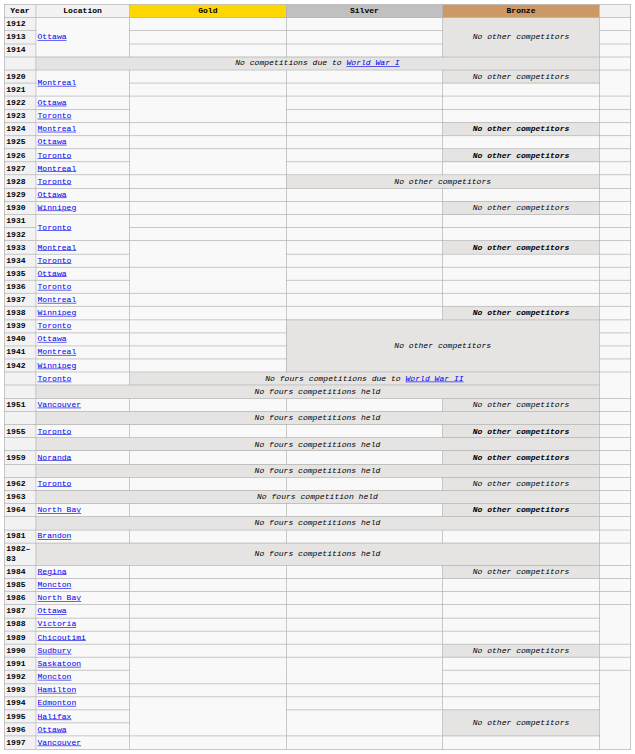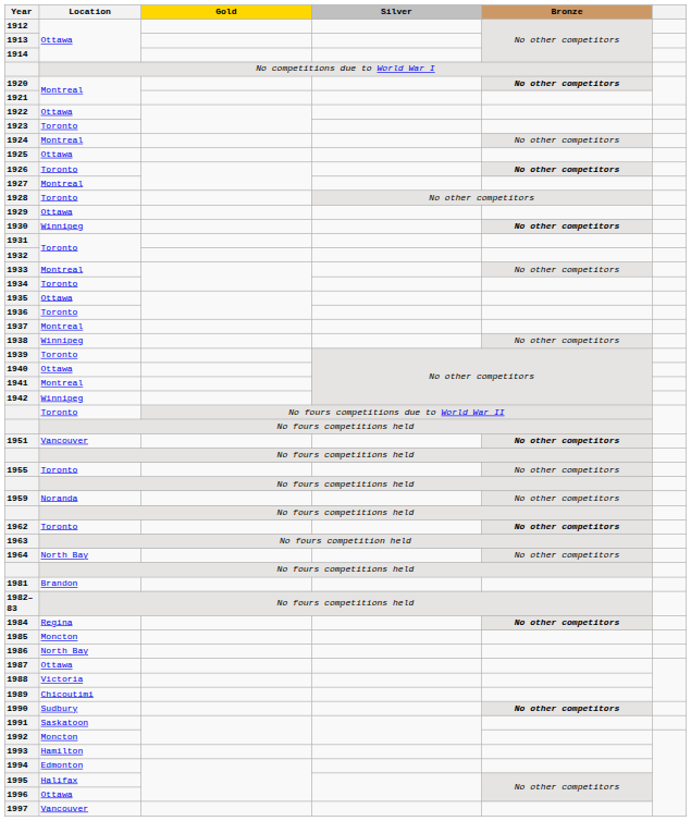 <table class="wikitable unsortable" style="text-align:left; width:80%">
 <tr>
 <th scope="col" style="text-align:center; width:5%">Year</th>
 <th scope="col" style="text-align:center; width:15%">Location</th>
 <th scope="col" style="text-align:center; width:25%; background:gold">Gold</th>
 <th scope="col" style="text-align:center; width:25%; background:silver">Silver</th>
 <th scope="col" style="text-align:center; width:25%; background:#c96">Bronze</th>
 <th scope="col" style="text-align:center; width:5%"></th>
 </tr>
 <tr>
 <th scope="row" style="text-align:left">1912</th>
 <td rowspan="3"><a href='#'>Ottawa</a></td>
 <td></td>
 <td></td>
 <td rowspan="3" align="center" bgcolor="e5e4e2"><em>No other competitors</em></td>
 <td></td>
 </tr>
 <tr>
 <th scope="row" style="text-align:left">1913</th>
 <td></td>
 <td></td>
 <td></td>
 </tr>
 <tr>
 <th scope="row" style="text-align:left">1914</th>
 <td></td>
 <td></td>
 <td></td>
 </tr>
 <tr>
 <th scope="row" style="text-align:left"></th>
 <td colspan="4" align="center" bgcolor="e5e4e2"><em>No competitions due to <a href='#'>World War I</a></em></td>
 <td></td>
 </tr>
 <tr>
 <th scope="row" style="text-align:left">1920</th>
 <td rowspan="2"><a href='#'>Montreal</a></td>
 <td></td>
 <td></td>
-<td align="center" bgcolor="e5e4e2"><em>No other competitors</em></td>
+<td align="center" bgcolor="e5e4e2"><strong><em>No other competitors</em></strong></td>
 <td rowspan="2"></td>
 </tr>
 <tr>
 <th scope="row" style="text-align:left">1921</th>
 <td></td>
 <td></td>
 <td></td>
 </tr>
 <tr>
 <th scope="row" style="text-align:left">1922</th>
 <td><a href='#'>Ottawa</a></td>
 <td rowspan="2"></td>
 <td></td>
 <td></td>
 <td></td>
 </tr>
 <tr>
 <th scope="row" style="text-align:left">1923</th>
 <td><a href='#'>Toronto</a></td>
 <td></td>
 <td></td>
 <td></td>
 </tr>
 <tr>
 <th scope="row" style="text-align:left">1924</th>
 <td><a href='#'>Montreal</a></td>
 <td></td>
 <td></td>
-<td align="center" bgcolor="e5e4e2"><strong><em>No other competitors</em></strong></td>
+<td align="center" bgcolor="e5e4e2"><em>No other competitors</em></td>
 <td></td>
 </tr>
 <tr>
 <th scope="row" style="text-align:left">1925</th>
 <td><a href='#'>Ottawa</a></td>
 <td></td>
 <td></td>
 <td></td>
 <td></td>
 </tr>
 <tr>
 <th scope="row" style="text-align:left">1926</th>
 <td><a href='#'>Toronto</a></td>
 <td rowspan="2"></td>
 <td></td>
 <td align="center" bgcolor="e5e4e2"><strong><em>No other competitors</em></strong></td>
 <td></td>
 </tr>
 <tr>
 <th scope="row" style="text-align:left">1927</th>
 <td><a href='#'>Montreal</a></td>
 <td></td>
 <td></td>
 <td></td>
 </tr>
 <tr>
 <th scope="row" style="text-align:left">1928</th>
 <td><a href='#'>Toronto</a></td>
 <td></td>
 <td colspan="2" align="center" bgcolor="e5e4e2"><em>No other competitors</em></td>
 <td></td>
 </tr>
 <tr>
 <th scope="row" style="text-align:left">1929</th>
 <td><a href='#'>Ottawa</a></td>
 <td></td>
 <td></td>
 <td></td>
 <td></td>
 </tr>
 <tr>
 <th scope="row" style="text-align:left">1930</th>
 <td><a href='#'>Winnipeg</a></td>
 <td></td>
 <td></td>
-<td align="center" bgcolor="e5e4e2"><em>No other competitors</em></td>
+<td align="center" bgcolor="e5e4e2"><strong><em>No other competitors</em></strong></td>
 <td></td>
 </tr>
 <tr>
 <th scope="row" style="text-align:left">1931</th>
 <td rowspan="2"><a href='#'>Toronto</a></td>
 <td></td>
 <td></td>
 <td></td>
 <td></td>
 </tr>
 <tr>
 <th scope="row" style="text-align:left">1932</th>
 <td></td>
 <td></td>
 <td></td>
 <td></td>
 </tr>
 <tr>
 <th scope="row" style="text-align:left">1933</th>
 <td><a href='#'>Montreal</a></td>
 <td rowspan="2"></td>
 <td></td>
-<td align="center" bgcolor="e5e4e2"><strong><em>No other competitors</em></strong></td>
+<td align="center" bgcolor="e5e4e2"><em>No other competitors</em></td>
 <td></td>
 </tr>
 <tr>
 <th scope="row" style="text-align:left">1934</th>
 <td><a href='#'>Toronto</a></td>
 <td></td>
 <td></td>
 <td></td>
 </tr>
 <tr>
 <th scope="row" style="text-align:left">1935</th>
 <td><a href='#'>Ottawa</a></td>
 <td rowspan="2"></td>
 <td></td>
 <td></td>
 <td></td>
 </tr>
 <tr>
 <th scope="row" style="text-align:left">1936</th>
 <td><a href='#'>Toronto</a></td>
 <td></td>
 <td></td>
 <td></td>
 </tr>
 <tr>
 <th scope="row" style="text-align:left">1937</th>
 <td><a href='#'>Montreal</a></td>
 <td></td>
 <td></td>
 <td></td>
 <td></td>
 </tr>
 <tr>
 <th scope="row" style="text-align:left">1938</th>
 <td><a href='#'>Winnipeg</a></td>
 <td></td>
 <td></td>
-<td align="center" bgcolor="e5e4e2"><strong><em>No other competitors</em></strong></td>
+<td align="center" bgcolor="e5e4e2"><em>No other competitors</em></td>
 <td></td>
 </tr>
 <tr>
 <th scope="row" style="text-align:left">1939</th>
 <td><a href='#'>Toronto</a></td>
 <td></td>
 <td colspan="2" rowspan="4" align="center" bgcolor="e5e4e2"><em>No other competitors</em></td>
 <td></td>
 </tr>
 <tr>
 <th scope="row" style="text-align:left">1940</th>
 <td><a href='#'>Ottawa</a></td>
 <td></td>
 <td></td>
 </tr>
 <tr>
 <th scope="row" style="text-align:left">1941</th>
 <td><a href='#'>Montreal</a></td>
 <td></td>
 <td></td>
 </tr>
 <tr>
 <th scope="row" style="text-align:left">1942</th>
 <td><a href='#'>Winnipeg</a></td>
 <td></td>
 <td></td>
 </tr>
 <tr>
 <th scope="row" style="text-align:left"></th>
 <td><a href='#'>Toronto</a></td>
 <td colspan="3" align="center" bgcolor="e5e4e2"><em>No fours competitions due to <a href='#'>World War II</a></em></td>
 <td rowspan="2"></td>
 </tr>
 <tr>
 <th scope="row" style="text-align:left"></th>
 <td colspan="4" align="center" bgcolor="e5e4e2"><em>No fours competitions held</em></td>
 </tr>
 <tr>
 <th scope="row" style="text-align:left">1951</th>
 <td><a href='#'>Vancouver</a></td>
 <td></td>
 <td></td>
-<td align="center" bgcolor="e5e4e2"><em>No other competitors</em></td>
+<td align="center" bgcolor="e5e4e2"><strong><em>No other competitors</em></strong></td>
 <td></td>
 </tr>
 <tr>
 <th scope="row" style="text-align:left"></th>
 <td colspan="4" align="center" bgcolor="e5e4e2"><em>No fours competitions held</em></td>
 <td></td>
 </tr>
 <tr>
 <th scope="row" style="text-align:left">1955</th>
 <td><a href='#'>Toronto</a></td>
 <td></td>
 <td></td>
-<td align="center" bgcolor="e5e4e2"><strong><em>No other competitors</em></strong></td>
+<td align="center" bgcolor="e5e4e2"><em>No other competitors</em></td>
 <td></td>
 </tr>
 <tr>
 <th scope="row" style="text-align:left"></th>
 <td colspan="4" align="center" bgcolor="e5e4e2"><em>No fours competitions held</em></td>
 <td></td>
 </tr>
 <tr>
 <th scope="row" style="text-align:left">1959</th>
 <td><a href='#'>Noranda</a></td>
 <td></td>
 <td></td>
-<td align="center" bgcolor="e5e4e2"><strong><em>No other competitors</em></strong></td>
+<td align="center" bgcolor="e5e4e2"><em>No other competitors</em></td>
 <td></td>
 </tr>
 <tr>
 <th scope="row" style="text-align:left"></th>
 <td colspan="4" align="center" bgcolor="e5e4e2"><em>No fours competitions held</em></td>
 <td></td>
 </tr>
 <tr>
 <th scope="row" style="text-align:left">1962</th>
 <td><a href='#'>Toronto</a></td>
 <td></td>
 <td></td>
-<td align="center" bgcolor="e5e4e2"><em>No other competitors</em></td>
+<td align="center" bgcolor="e5e4e2"><strong><em>No other competitors</em></strong></td>
 <td></td>
 </tr>
 <tr>
 <th scope="row" style="text-align:left">1963</th>
 <td colspan="4" align="center" bgcolor="e5e4e2"><em>No fours competition held</em></td>
 <td></td>
 </tr>
 <tr>
 <th scope="row" style="text-align:left">1964</th>
 <td><a href='#'>North Bay</a></td>
 <td></td>
 <td></td>
-<td align="center" bgcolor="e5e4e2"><strong><em>No other competitors</em></strong></td>
+<td align="center" bgcolor="e5e4e2"><em>No other competitors</em></td>
 <td></td>
 </tr>
 <tr>
 <th scope="row" style="text-align:left"></th>
 <td colspan="4" align="center" bgcolor="e5e4e2"><em>No fours competitions held</em></td>
 <td></td>
 </tr>
 <tr>
 <th scope="row" style="text-align:left">1981</th>
 <td><a href='#'>Brandon</a></td>
 <td></td>
 <td></td>
 <td></td>
 <td></td>
 </tr>
 <tr>
 <th scope="row" style="text-align:left">1982–83</th>
 <td colspan="4" align="center" bgcolor="e5e4e2"><em>No fours competitions held</em></td>
 <td></td>
 </tr>
 <tr>
 <th scope="row" style="text-align:left">1984</th>
 <td><a href='#'>Regina</a></td>
 <td></td>
 <td></td>
-<td align="center" bgcolor="e5e4e2"><em>No other competitors</em></td>
+<td align="center" bgcolor="e5e4e2"><strong><em>No other competitors</em></strong></td>
 <td></td>
 </tr>
 <tr>
 <th scope="row" style="text-align:left">1985</th>
 <td><a href='#'>Moncton</a></td>
 <td></td>
 <td></td>
 <td></td>
 <td></td>
 </tr>
 <tr>
 <th scope="row" style="text-align:left">1986</th>
 <td><a href='#'>North Bay</a></td>
 <td></td>
 <td></td>
 <td></td>
 <td></td>
 </tr>
 <tr>
 <th scope="row" style="text-align:left">1987</th>
 <td><a href='#'>Ottawa</a></td>
 <td></td>
 <td></td>
 <td></td>
 <td rowspan="3"></td>
 </tr>
 <tr>
 <th scope="row" style="text-align:left">1988</th>
 <td><a href='#'>Victoria</a></td>
 <td></td>
 <td></td>
 <td></td>
 </tr>
 <tr>
 <th scope="row" style="text-align:left">1989</th>
 <td><a href='#'>Chicoutimi</a></td>
 <td></td>
 <td></td>
 <td></td>
 </tr>
 <tr>
 <th scope="row" style="text-align:left">1990</th>
 <td><a href='#'>Sudbury</a></td>
 <td></td>
 <td></td>
-<td align="center" bgcolor="e5e4e2"><em>No other competitors</em></td>
+<td align="center" bgcolor="e5e4e2"><strong><em>No other competitors</em></strong></td>
 <td></td>
 </tr>
 <tr>
 <th scope="row" style="text-align:left">1991</th>
 <td><a href='#'>Saskatoon</a></td>
 <td rowspan="2"></td>
 <td rowspan="2"></td>
 <td></td>
 <td></td>
 </tr>
 <tr>
 <th scope="row" style="text-align:left">1992</th>
 <td><a href='#'>Moncton</a></td>
 <td></td>
 <td rowspan="6"></td>
 </tr>
 <tr>
 <th scope="row" style="text-align:left">1993</th>
 <td><a href='#'>Hamilton</a></td>
 <td></td>
 <td></td>
 <td></td>
 </tr>
 <tr>
 <th scope="row" style="text-align:left">1994</th>
 <td><a href='#'>Edmonton</a></td>
 <td rowspan="3"></td>
 <td></td>
 <td></td>
 </tr>
 <tr>
 <th scope="row" style="text-align:left">1995</th>
 <td><a href='#'>Halifax</a></td>
 <td rowspan="2"></td>
 <td rowspan="2" align="center" bgcolor="e5e4e2"><em>No other competitors</em></td>
 </tr>
 <tr>
 <th scope="row" style="text-align:left">1996</th>
 <td><a href='#'>Ottawa</a></td>
 </tr>
 <tr>
 <th scope="row" style="text-align:left">1997</th>
 <td><a href='#'>Vancouver</a></td>
 <td></td>
 <td></td>
 <td></td>
 </tr>
 </table>
